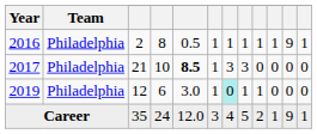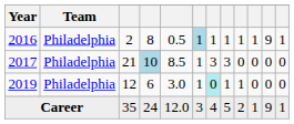 <table class="wikitable sortable" style="text-align:center">
 <tr>
 <th rowspan=2>Year</th>
 <th rowspan=2>Team</th>
 </tr>
 <tr>
 <th></th>
 <th></th>
 <th></th>
 <th></th>
 <th></th>
 <th></th>
 <th></th>
 <th></th>
 <th></th>
 <th></th>
 </tr>
 <tr>
 <td><a href='#'>2016</a></td>
 <td><a href='#'>Philadelphia</a></td>
 <td>2</td>
 <td>8</td>
 <td>0.5</td>
-<td>1</td>
+<td style="background: lightblue;">1</td>
 <td>1</td>
 <td>1</td>
 <td>1</td>
 <td>1</td>
 <td>9</td>
 <td>1</td>
 </tr>
 <tr>
 <td><a href='#'>2017</a></td>
 <td><a href='#'>Philadelphia</a></td>
 <td>21</td>
-<td>10</td>
-<td><strong>8.5</strong></td>
+<td style="background: lightblue;">10</td>
+<td>8.5</td>
 <td>1</td>
 <td>3</td>
 <td>3</td>
 <td>0</td>
 <td>0</td>
 <td>0</td>
 <td>0</td>
 </tr>
 <tr>
 <td><a href='#'>2019</a></td>
 <td><a href='#'>Philadelphia</a></td>
 <td>12</td>
 <td>6</td>
 <td>3.0</td>
 <td>1</td>
 <td style="background: paleturquoise;">0</td>
 <td>1</td>
 <td>1</td>
 <td>0</td>
 <td>0</td>
 <td>0</td>
 </tr>
 <tr class="sortbottom" style="background:#eee;">
 <td colspan="2"><strong>Career</strong></td>
 <td>35</td>
 <td>24</td>
 <td>12.0</td>
 <td>3</td>
 <td>4</td>
 <td>5</td>
 <td>2</td>
 <td>1</td>
 <td>9</td>
 <td>1</td>
 </tr>
 </table>
